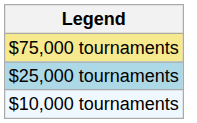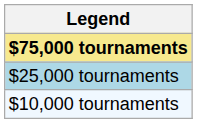 <table class=wikitable style="font-size:90%">
 <tr>
 <th>Legend</th>
 </tr>
 <tr style="background:#f7e98e;">
-<td>$75,000 tournaments</td>
+<td><strong>$75,000 tournaments</strong></td>
 </tr>
 <tr style="background:lightblue;">
 <td>$25,000 tournaments</td>
 </tr>
 <tr style="background:#f0f8ff;">
 <td>$10,000 tournaments</td>
 </tr>
 </table>
